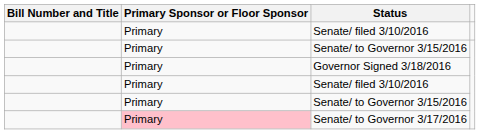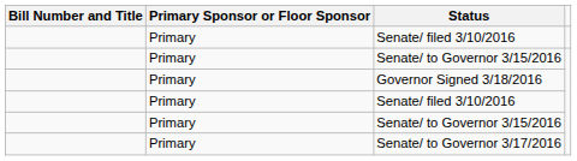 <table class="wikitable">
 <tr>
 <th>Bill Number and Title</th>
 <th>Primary Sponsor or Floor Sponsor</th>
 <th>Status</th>
 <td></td>
 </tr>
 <tr>
 <td></td>
 <td>Primary</td>
 <td>Senate/ filed 3/10/2016</td>
 <td></td>
 </tr>
 <tr>
 <td></td>
 <td>Primary</td>
 <td>Senate/ to Governor 3/15/2016</td>
 </tr>
 <tr>
 <td></td>
 <td>Primary</td>
 <td>Governor Signed 3/18/2016</td>
 </tr>
 <tr>
 <td></td>
 <td>Primary</td>
 <td>Senate/ filed 3/10/2016</td>
 </tr>
 <tr>
 <td></td>
 <td>Primary</td>
 <td>Senate/ to Governor 3/15/2016</td>
 </tr>
 <tr>
 <td></td>
-<td style="background: pink;">Primary</td>
+<td>Primary</td>
 <td>Senate/ to Governor 3/17/2016</td>
 </tr>
 </table>
